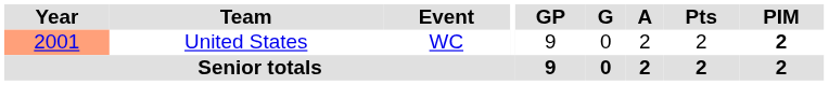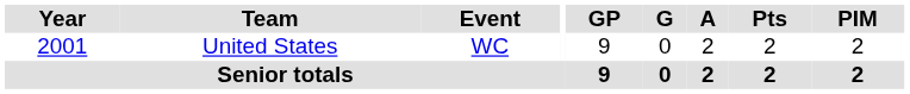 <table border="0" cellpadding="1" cellspacing="0" ID="Table3" style="text-align:center; width:40em">
 <tr bgcolor="#e0e0e0">
 <th>Year</th>
 <th>Team</th>
 <th>Event</th>
 <th rowspan="102" bgcolor="#ffffff"></th>
 <th>GP</th>
 <th>G</th>
 <th>A</th>
 <th>Pts</th>
 <th>PIM</th>
 </tr>
 <tr>
-<td style="background: lightsalmon;"><a href='#'>2001</a></td>
+<td><a href='#'>2001</a></td>
 <td><a href='#'>United States</a></td>
 <td><a href='#'>WC</a></td>
 <td>9</td>
 <td>0</td>
 <td>2</td>
 <td>2</td>
-<td><strong>2</strong></td>
+<td>2</td>
 </tr>
 <tr bgcolor="#e0e0e0">
 <th colspan="4">Senior totals</th>
 <th>9</th>
 <th>0</th>
 <th>2</th>
 <th>2</th>
 <th>2</th>
 </tr>
 </table>
